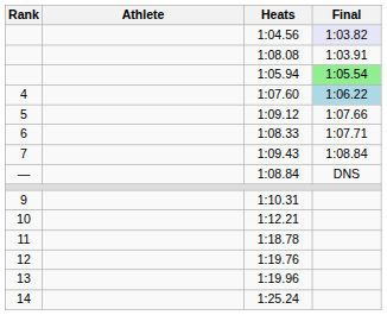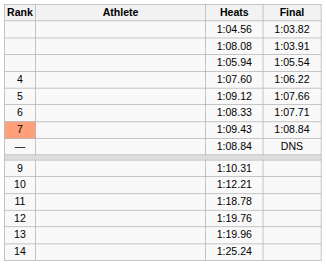 <table class=wikitable style="text-align:center">
 <tr>
 <th width=40>Rank</th>
 <th width=250>Athlete</th>
 <th width=80>Heats</th>
 <th width=80>Final</th>
 </tr>
 <tr>
 <td></td>
 <td align=left></td>
 <td>1:04.56</td>
-<td style="background: lavender;">1:03.82</td>
+<td>1:03.82</td>
 </tr>
 <tr>
 <td></td>
 <td align=left></td>
 <td>1:08.08</td>
 <td>1:03.91</td>
 </tr>
 <tr>
 <td></td>
 <td align=left></td>
 <td>1:05.94</td>
-<td style="background: lightgreen;">1:05.54</td>
+<td>1:05.54</td>
 </tr>
 <tr>
 <td>4</td>
 <td align=left></td>
 <td>1:07.60</td>
-<td style="background: lightblue;">1:06.22</td>
+<td>1:06.22</td>
 </tr>
 <tr>
 <td>5</td>
 <td align=left></td>
 <td>1:09.12</td>
 <td>1:07.66</td>
 </tr>
 <tr>
 <td>6</td>
 <td align=left></td>
 <td>1:08.33</td>
 <td>1:07.71</td>
 </tr>
 <tr>
-<td>7</td>
+<td style="background: lightsalmon;">7</td>
 <td align=left></td>
 <td>1:09.43</td>
 <td>1:08.84</td>
 </tr>
 <tr>
 <td>—</td>
 <td align=left></td>
 <td>1:08.84</td>
 <td>DNS</td>
 </tr>
 <tr bgcolor=#DDDDDD>
 <td colspan=4></td>
 </tr>
 <tr>
 <td>9</td>
 <td align=left></td>
 <td>1:10.31</td>
 <td></td>
 </tr>
 <tr>
 <td>10</td>
 <td align=left></td>
 <td>1:12.21</td>
 <td></td>
 </tr>
 <tr>
 <td>11</td>
 <td align=left></td>
 <td>1:18.78</td>
 <td></td>
 </tr>
 <tr>
 <td>12</td>
 <td align=left></td>
 <td>1:19.76</td>
 <td></td>
 </tr>
 <tr>
 <td>13</td>
 <td align=left></td>
 <td>1:19.96</td>
 <td></td>
 </tr>
 <tr>
 <td>14</td>
 <td align=left></td>
 <td>1:25.24</td>
 <td></td>
 </tr>
 </table>
